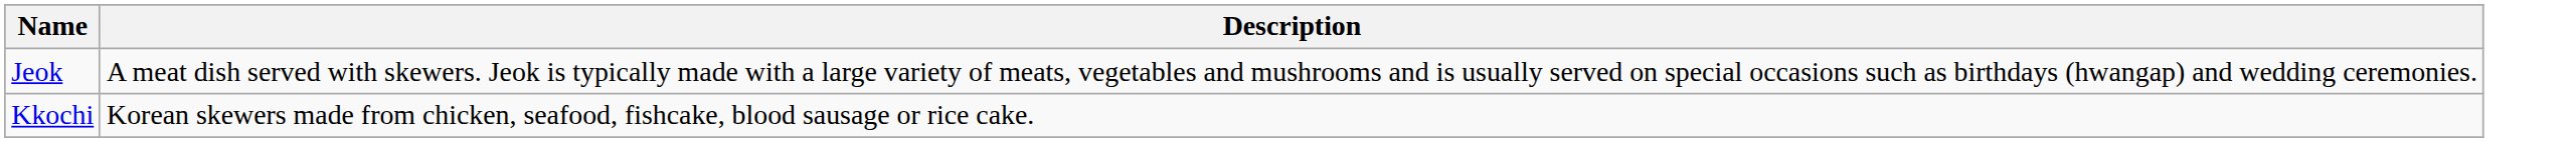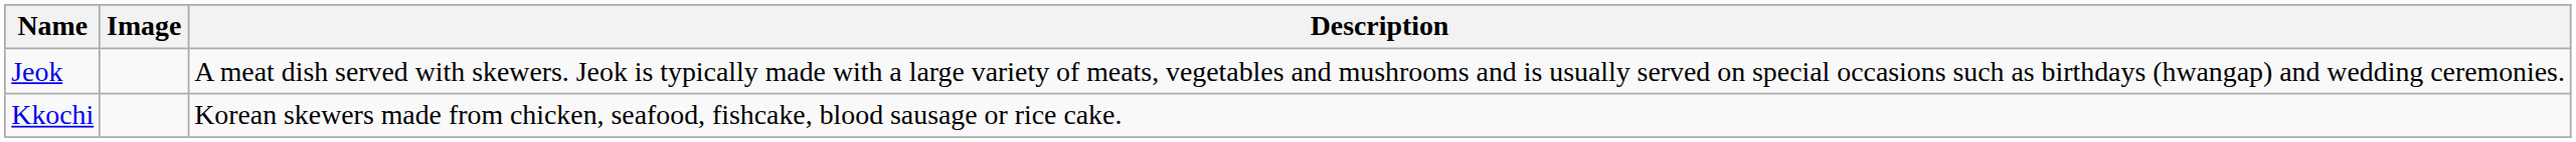 <table class="wikitable">
 <tr>
 <th>Name</th>
+<th class="unsortable">Image</th>
 <th>Description</th>
 </tr>
 <tr>
 <td><a href='#'>Jeok</a></td>
+<td></td>
 <td>A meat dish served with skewers. Jeok is typically made with a large variety of meats, vegetables and mushrooms and is usually served on special occasions such as birthdays (hwangap) and wedding ceremonies.</td>
 </tr>
 <tr>
 <td><a href='#'>Kkochi</a></td>
+<td></td>
 <td>Korean skewers made from chicken, seafood, fishcake, blood sausage or rice cake.</td>
 </tr>
 </table>
